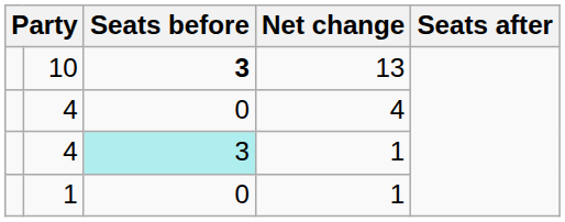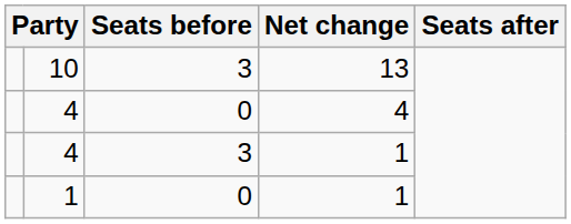 <table class=wikitable style="text-align:right">
 <tr>
 <th colspan="2">Party</th>
 <th>Seats before</th>
 <th>Net change</th>
 <th>Seats after</th>
 </tr>
 <tr>
 <td></td>
 <td>10</td>
-<td><strong> 3</strong></td>
+<td> 3</td>
 <td>13</td>
 </tr>
 <tr>
 <td></td>
 <td>4</td>
 <td> 0</td>
 <td>4</td>
 </tr>
 <tr>
 <td></td>
 <td>4</td>
-<td style="background: paleturquoise;"> 3</td>
+<td> 3</td>
 <td>1</td>
 </tr>
 <tr>
 <td></td>
 <td>1</td>
 <td> 0</td>
 <td>1</td>
 </tr>
 </table>
